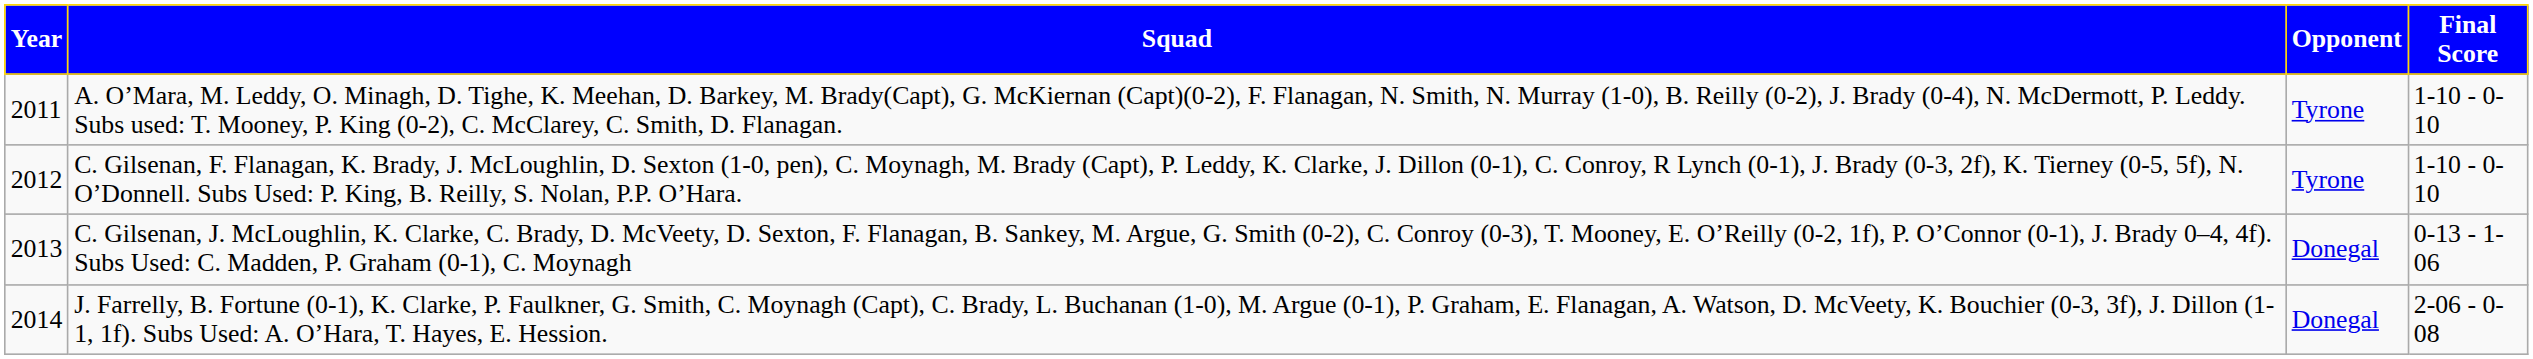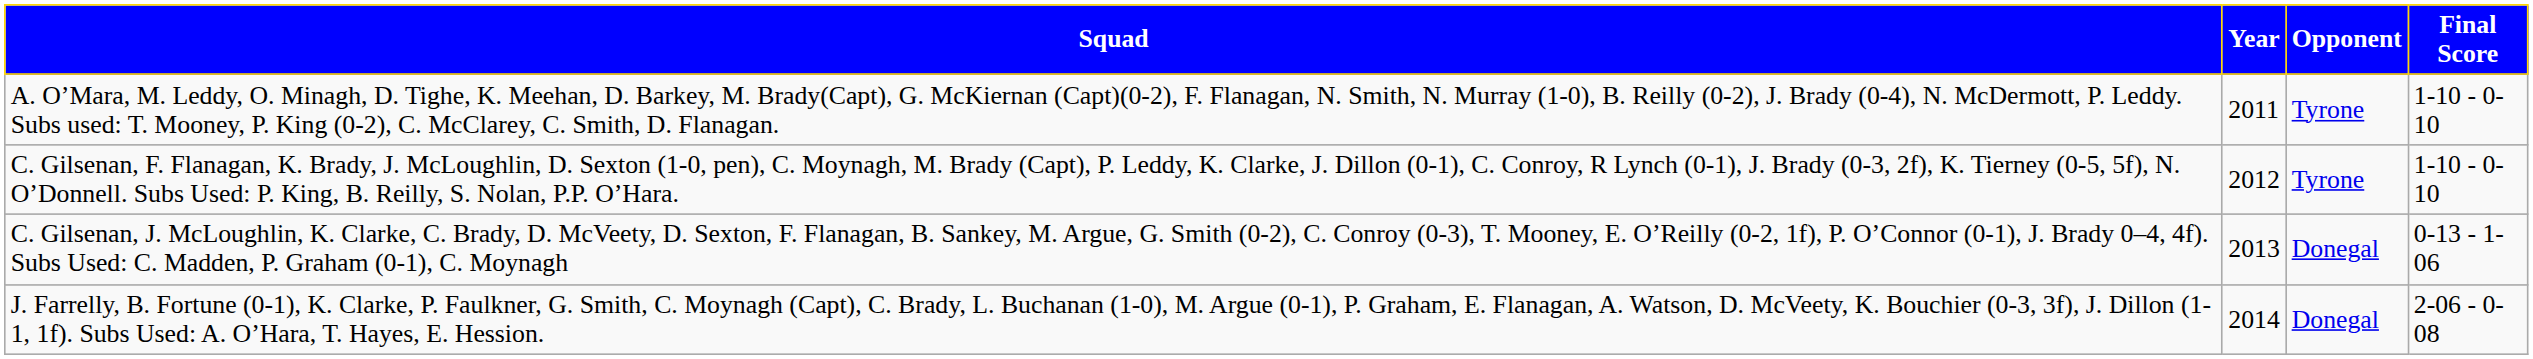 <table class="wikitable">
 <tr>
+<th style="background:blue; color:white; border:1px solid gold">Squad</th>
 <th style="background:blue; color:white; border:1px solid gold">Year</th>
-<th style="background:blue; color:white; border:1px solid gold">Squad</th>
 <th style="background:blue; color:white; border:1px solid gold">Opponent</th>
 <th style="background:blue; color:white; border:1px solid gold">Final Score</th>
 </tr>
 <tr>
+<td>A. O’Mara, M. Leddy, O. Minagh, D. Tighe, K. Meehan, D. Barkey, M. Brady(Capt), G. McKiernan (Capt)(0-2), F. Flanagan, N. Smith, N. Murray (1-0), B. Reilly (0-2), J. Brady (0-4), N. McDermott, P. Leddy. Subs used: T. Mooney, P. King (0-2), C. McClarey, C. Smith, D. Flanagan.</td>
 <td>2011</td>
-<td>A. O’Mara, M. Leddy, O. Minagh, D. Tighe, K. Meehan, D. Barkey, M. Brady(Capt), G. McKiernan (Capt)(0-2), F. Flanagan, N. Smith, N. Murray (1-0), B. Reilly (0-2), J. Brady (0-4), N. McDermott, P. Leddy. Subs used: T. Mooney, P. King (0-2), C. McClarey, C. Smith, D. Flanagan.</td>
 <td><a href='#'>Tyrone</a></td>
 <td>1-10 - 0-10</td>
 </tr>
 <tr>
+<td>C. Gilsenan, F. Flanagan, K. Brady, J. McLoughlin, D. Sexton (1-0, pen), C. Moynagh, M. Brady (Capt), P. Leddy, K. Clarke, J. Dillon (0-1), C. Conroy, R Lynch (0-1), J. Brady (0-3, 2f), K. Tierney (0-5, 5f), N. O’Donnell. Subs Used: P. King, B. Reilly, S. Nolan, P.P. O’Hara.</td>
 <td>2012</td>
-<td>C. Gilsenan, F. Flanagan, K. Brady, J. McLoughlin, D. Sexton (1-0, pen), C. Moynagh, M. Brady (Capt), P. Leddy, K. Clarke, J. Dillon (0-1), C. Conroy, R Lynch (0-1), J. Brady (0-3, 2f), K. Tierney (0-5, 5f), N. O’Donnell. Subs Used: P. King, B. Reilly, S. Nolan, P.P. O’Hara.</td>
 <td><a href='#'>Tyrone</a></td>
 <td>1-10 - 0-10</td>
 </tr>
 <tr>
+<td>C. Gilsenan, J. McLoughlin, K. Clarke, C. Brady, D. McVeety, D. Sexton, F. Flanagan, B. Sankey, M. Argue, G. Smith (0-2), C. Conroy (0-3), T. Mooney, E. O’Reilly (0-2, 1f), P. O’Connor (0-1), J. Brady 0–4, 4f). Subs Used: C. Madden, P. Graham (0-1), C. Moynagh</td>
 <td>2013</td>
-<td>C. Gilsenan, J. McLoughlin, K. Clarke, C. Brady, D. McVeety, D. Sexton, F. Flanagan, B. Sankey, M. Argue, G. Smith (0-2), C. Conroy (0-3), T. Mooney, E. O’Reilly (0-2, 1f), P. O’Connor (0-1), J. Brady 0–4, 4f). Subs Used: C. Madden, P. Graham (0-1), C. Moynagh</td>
 <td><a href='#'>Donegal</a></td>
 <td>0-13 - 1-06</td>
 </tr>
 <tr>
+<td>J. Farrelly, B. Fortune (0-1), K. Clarke, P. Faulkner, G. Smith, C. Moynagh (Capt), C. Brady, L. Buchanan (1-0), M. Argue (0-1), P. Graham, E. Flanagan, A. Watson, D. McVeety, K. Bouchier (0-3, 3f), J. Dillon (1-1, 1f). Subs Used: A. O’Hara, T. Hayes, E. Hession.</td>
 <td>2014</td>
-<td>J. Farrelly, B. Fortune (0-1), K. Clarke, P. Faulkner, G. Smith, C. Moynagh (Capt), C. Brady, L. Buchanan (1-0), M. Argue (0-1), P. Graham, E. Flanagan, A. Watson, D. McVeety, K. Bouchier (0-3, 3f), J. Dillon (1-1, 1f). Subs Used: A. O’Hara, T. Hayes, E. Hession.</td>
 <td><a href='#'>Donegal</a></td>
 <td>2-06 - 0-08</td>
 </tr>
 </table>
